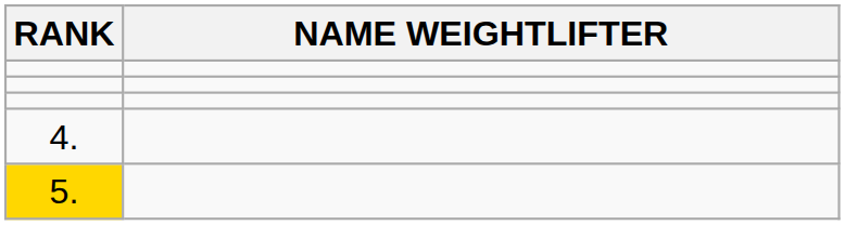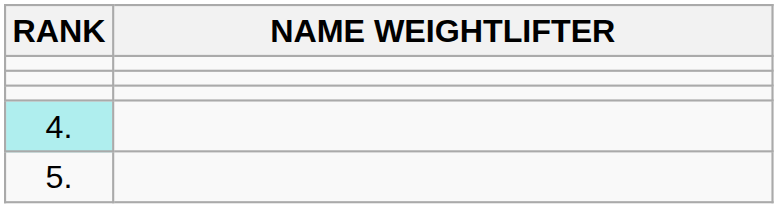 <table class="wikitable" style="font-size:95%;">
 <tr>
 <th>RANK</th>
 <th align="left" style="width: 20em">NAME WEIGHTLIFTER</th>
 </tr>
 <tr>
 <td align="center"></td>
 <td></td>
 </tr>
 <tr>
 <td align="center"></td>
 <td></td>
 </tr>
 <tr>
 <td align="center"></td>
 <td></td>
 </tr>
 <tr>
-<td align="center">4.</td>
+<td align="center" style="background: paleturquoise;">4.</td>
 <td></td>
 </tr>
 <tr>
-<td align="center" style="background: gold;">5.</td>
+<td align="center">5.</td>
 <td></td>
 </tr>
 </table>
